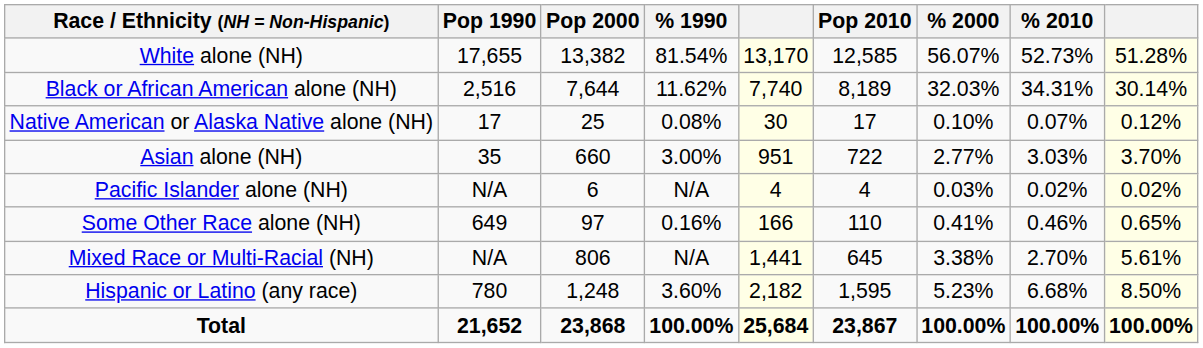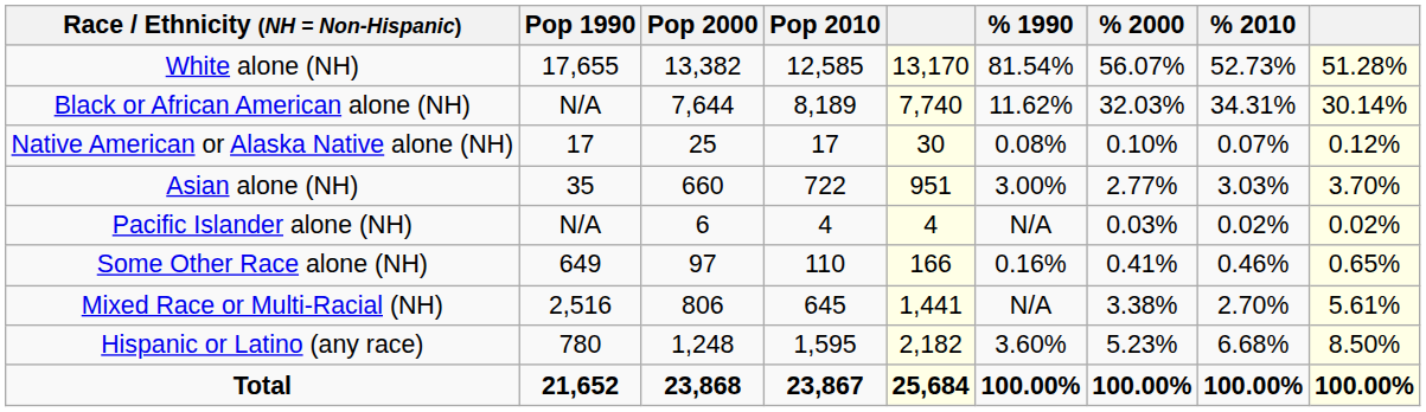 <table class="wikitable" style="text-align:center;">
 <tr>
 <th>Race / Ethnicity <small>(<em>NH = Non-Hispanic</em>)</small></th>
 <th>Pop 1990</th>
 <th>Pop 2000</th>
+<th>Pop 2010</th>
+<th></th>
 <th>% 1990</th>
-<th></th>
-<th>Pop 2010</th>
 <th>% 2000</th>
 <th>% 2010</th>
 <th></th>
 </tr>
 <tr>
 <td><a href='#'>White</a> alone (NH)</td>
 <td>17,655</td>
 <td>13,382</td>
+<td>12,585</td>
+<td style='background: #ffffe6;'>13,170</td>
 <td>81.54%</td>
-<td style='background: #ffffe6;'>13,170</td>
-<td>12,585</td>
 <td>56.07%</td>
 <td>52.73%</td>
 <td style='background: #ffffe6;'>51.28%</td>
 </tr>
 <tr>
 <td><a href='#'>Black or African American</a> alone (NH)</td>
-<td>2,516</td>
+<td>N/A</td>
 <td>7,644</td>
+<td>8,189</td>
+<td style='background: #ffffe6;'>7,740</td>
 <td>11.62%</td>
-<td style='background: #ffffe6;'>7,740</td>
-<td>8,189</td>
 <td>32.03%</td>
 <td>34.31%</td>
 <td style='background: #ffffe6;'>30.14%</td>
 </tr>
 <tr>
 <td><a href='#'>Native American</a> or <a href='#'>Alaska Native</a> alone (NH)</td>
 <td>17</td>
 <td>25</td>
+<td>17</td>
+<td style='background: #ffffe6;'>30</td>
 <td>0.08%</td>
-<td style='background: #ffffe6;'>30</td>
-<td>17</td>
 <td>0.10%</td>
 <td>0.07%</td>
 <td style='background: #ffffe6;'>0.12%</td>
 </tr>
 <tr>
 <td><a href='#'>Asian</a> alone (NH)</td>
 <td>35</td>
 <td>660</td>
+<td>722</td>
+<td style='background: #ffffe6;'>951</td>
 <td>3.00%</td>
-<td style='background: #ffffe6;'>951</td>
-<td>722</td>
 <td>2.77%</td>
 <td>3.03%</td>
 <td style='background: #ffffe6;'>3.70%</td>
 </tr>
 <tr>
 <td><a href='#'>Pacific Islander</a> alone (NH)</td>
 <td>N/A</td>
 <td>6</td>
+<td>4</td>
+<td style='background: #ffffe6;'>4</td>
 <td>N/A</td>
-<td style='background: #ffffe6;'>4</td>
-<td>4</td>
 <td>0.03%</td>
 <td>0.02%</td>
 <td style='background: #ffffe6;'>0.02%</td>
 </tr>
 <tr>
 <td><a href='#'>Some Other Race</a> alone (NH)</td>
 <td>649</td>
 <td>97</td>
+<td>110</td>
+<td style='background: #ffffe6;'>166</td>
 <td>0.16%</td>
-<td style='background: #ffffe6;'>166</td>
-<td>110</td>
 <td>0.41%</td>
 <td>0.46%</td>
 <td style='background: #ffffe6;'>0.65%</td>
 </tr>
 <tr>
 <td><a href='#'>Mixed Race or Multi-Racial</a> (NH)</td>
+<td>2,516</td>
+<td>806</td>
+<td>645</td>
+<td style='background: #ffffe6;'>1,441</td>
 <td>N/A</td>
-<td>806</td>
-<td>N/A</td>
-<td style='background: #ffffe6;'>1,441</td>
-<td>645</td>
 <td>3.38%</td>
 <td>2.70%</td>
 <td style='background: #ffffe6;'>5.61%</td>
 </tr>
 <tr>
 <td><a href='#'>Hispanic or Latino</a> (any race)</td>
 <td>780</td>
 <td>1,248</td>
+<td>1,595</td>
+<td style='background: #ffffe6;'>2,182</td>
 <td>3.60%</td>
-<td style='background: #ffffe6;'>2,182</td>
-<td>1,595</td>
 <td>5.23%</td>
 <td>6.68%</td>
 <td style='background: #ffffe6;'>8.50%</td>
 </tr>
 <tr>
 <td><strong>Total</strong></td>
 <td><strong>21,652</strong></td>
 <td><strong>23,868</strong></td>
+<td><strong>23,867</strong></td>
+<td style='background: #ffffe6;'><strong>25,684</strong></td>
 <td><strong>100.00%</strong></td>
-<td style='background: #ffffe6;'><strong>25,684</strong></td>
-<td><strong>23,867</strong></td>
 <td><strong>100.00%</strong></td>
 <td><strong>100.00%</strong></td>
 <td style='background: #ffffe6;'><strong>100.00%</strong></td>
 </tr>
 </table>
